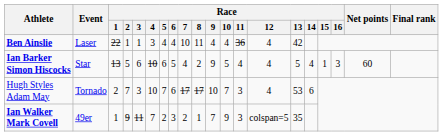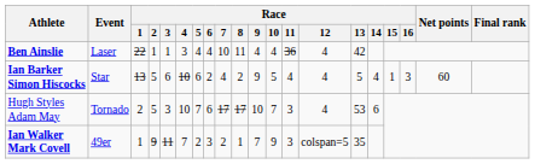 <table class="wikitable" style="font-size:90%">
 <tr>
 <th rowspan="2">Athlete</th>
 <th rowspan="2">Event</th>
 <th colspan=16>Race</th>
 <th rowspan=2>Net points</th>
 <th rowspan=2>Final rank</th>
 </tr>
 <tr style="font-size:95%">
 <th>1</th>
 <th>2</th>
 <th>3</th>
 <th>4</th>
 <th>5</th>
 <th>6</th>
 <th>7</th>
 <th>8</th>
 <th>9</th>
 <th>10</th>
 <th>11</th>
 <th>12</th>
 <th>13</th>
 <th>14</th>
 <th>15</th>
 <th>16</th>
 </tr>
 <tr align=center>
 <td align=left><strong><a href='#'>Ben Ainslie</a></strong></td>
 <td align=left><a href='#'>Laser</a></td>
 <td><s>22</s></td>
 <td>1</td>
 <td>1</td>
 <td>3</td>
 <td>4</td>
 <td>4</td>
 <td>10</td>
 <td>11</td>
 <td>4</td>
 <td>4</td>
 <td><s>36</s></td>
 <td>4</td>
 <td>42</td>
 <td></td>
 </tr>
 <tr align=center>
 <td align=left><strong><a href='#'>Ian Barker</a><br><a href='#'>Simon Hiscocks</a></strong></td>
 <td align=left><a href='#'>Star</a></td>
 <td><s>13</s></td>
 <td>5</td>
 <td>6</td>
 <td><s>10</s></td>
 <td>6</td>
-<td>5</td>
+<td>2</td>
 <td>4</td>
 <td>2</td>
 <td>9</td>
 <td>5</td>
 <td>4</td>
 <td>4</td>
 <td>5</td>
 <td>4</td>
 <td>1</td>
 <td>3</td>
 <td>60</td>
 <td></td>
 </tr>
 <tr align=center>
 <td align=left><a href='#'>Hugh Styles</a><br><a href='#'>Adam May</a></td>
 <td align=left><a href='#'>Tornado</a></td>
 <td>2</td>
-<td>7</td>
+<td>5</td>
 <td>3</td>
 <td>10</td>
 <td>7</td>
 <td>6</td>
 <td><s>17</s><br><small></small></td>
 <td><s>17</s><br><small></small></td>
 <td>10</td>
 <td>7</td>
 <td>3</td>
 <td>4</td>
 <td>53</td>
 <td>6</td>
 </tr>
 <tr align=center>
 <td align=left><strong><a href='#'>Ian Walker</a><br><a href='#'>Mark Covell</a></strong></td>
 <td align=left><a href='#'>49er</a></td>
 <td>1</td>
 <td><s>9</s></td>
 <td><s>11</s></td>
 <td>7</td>
 <td>2</td>
 <td>3</td>
 <td>2</td>
 <td>1</td>
 <td>7</td>
 <td>9</td>
 <td>3</td>
 <td>colspan=5 </td>
 <td>35</td>
 <td></td>
 </tr>
 </table>
